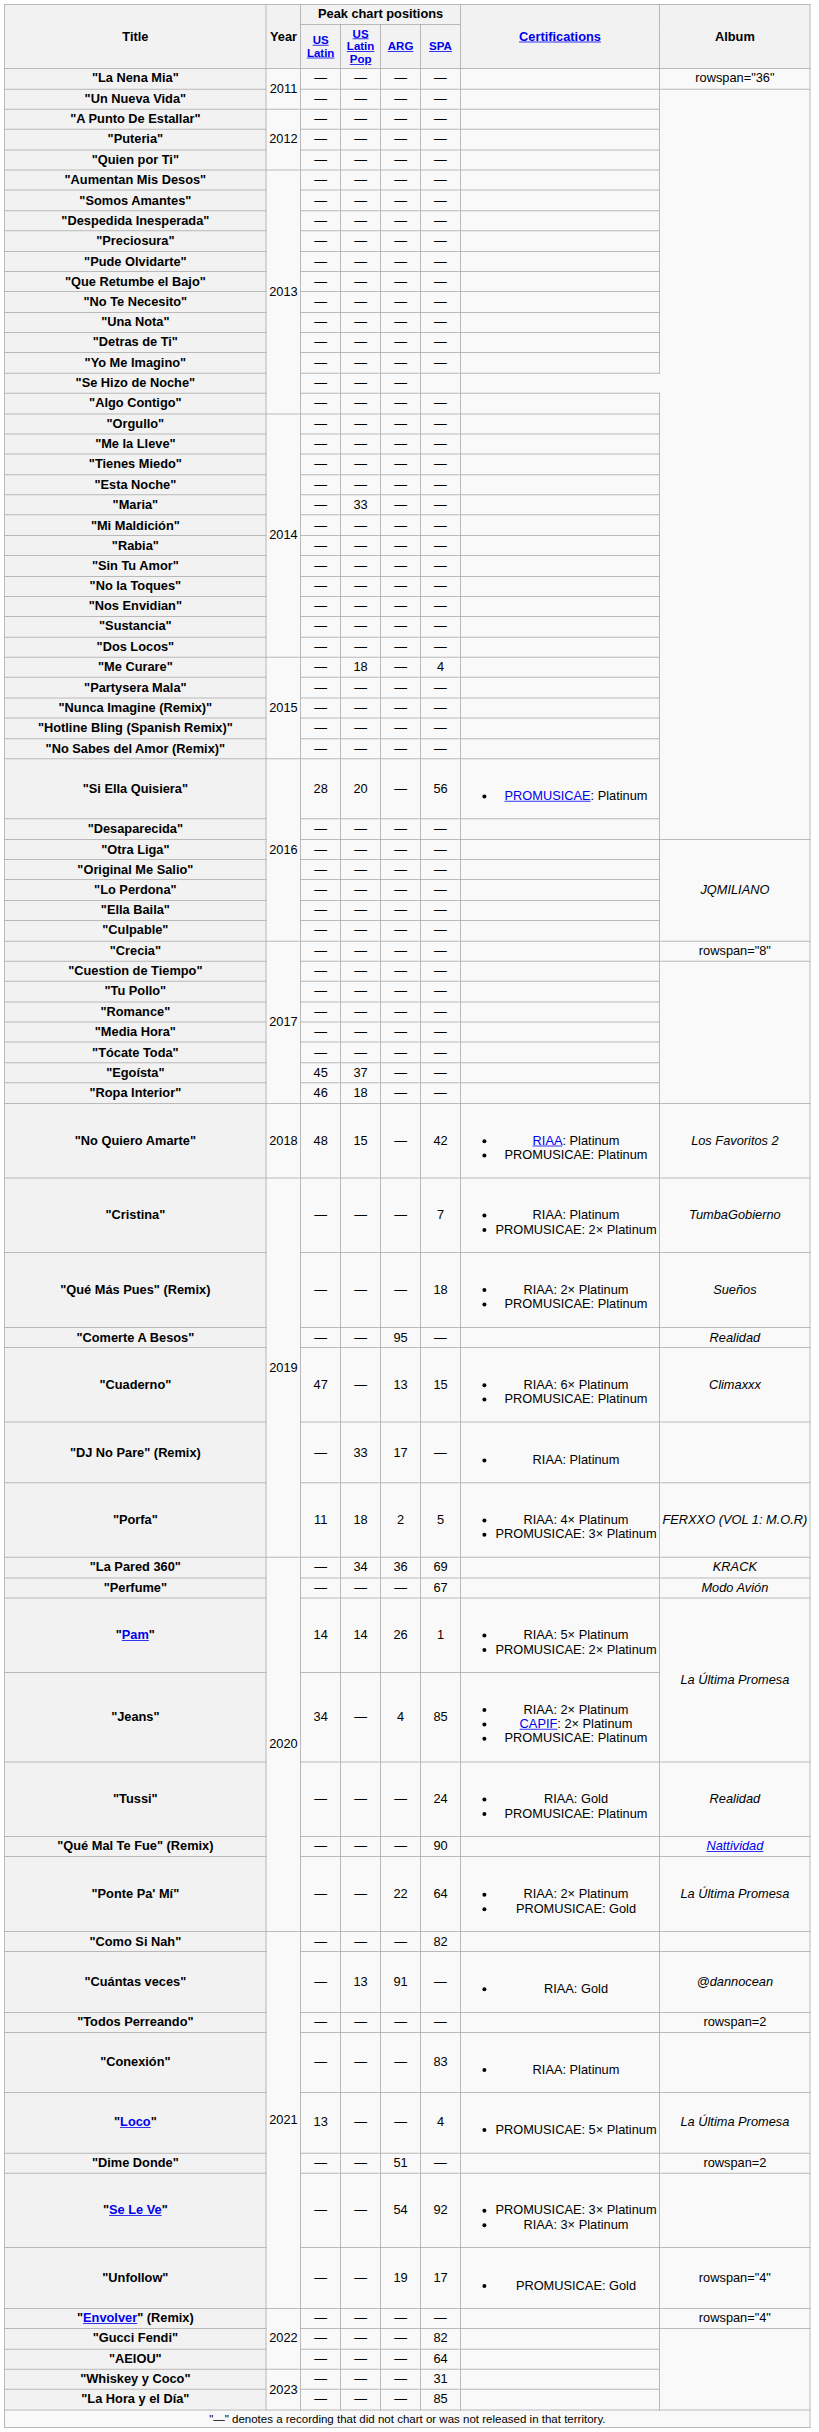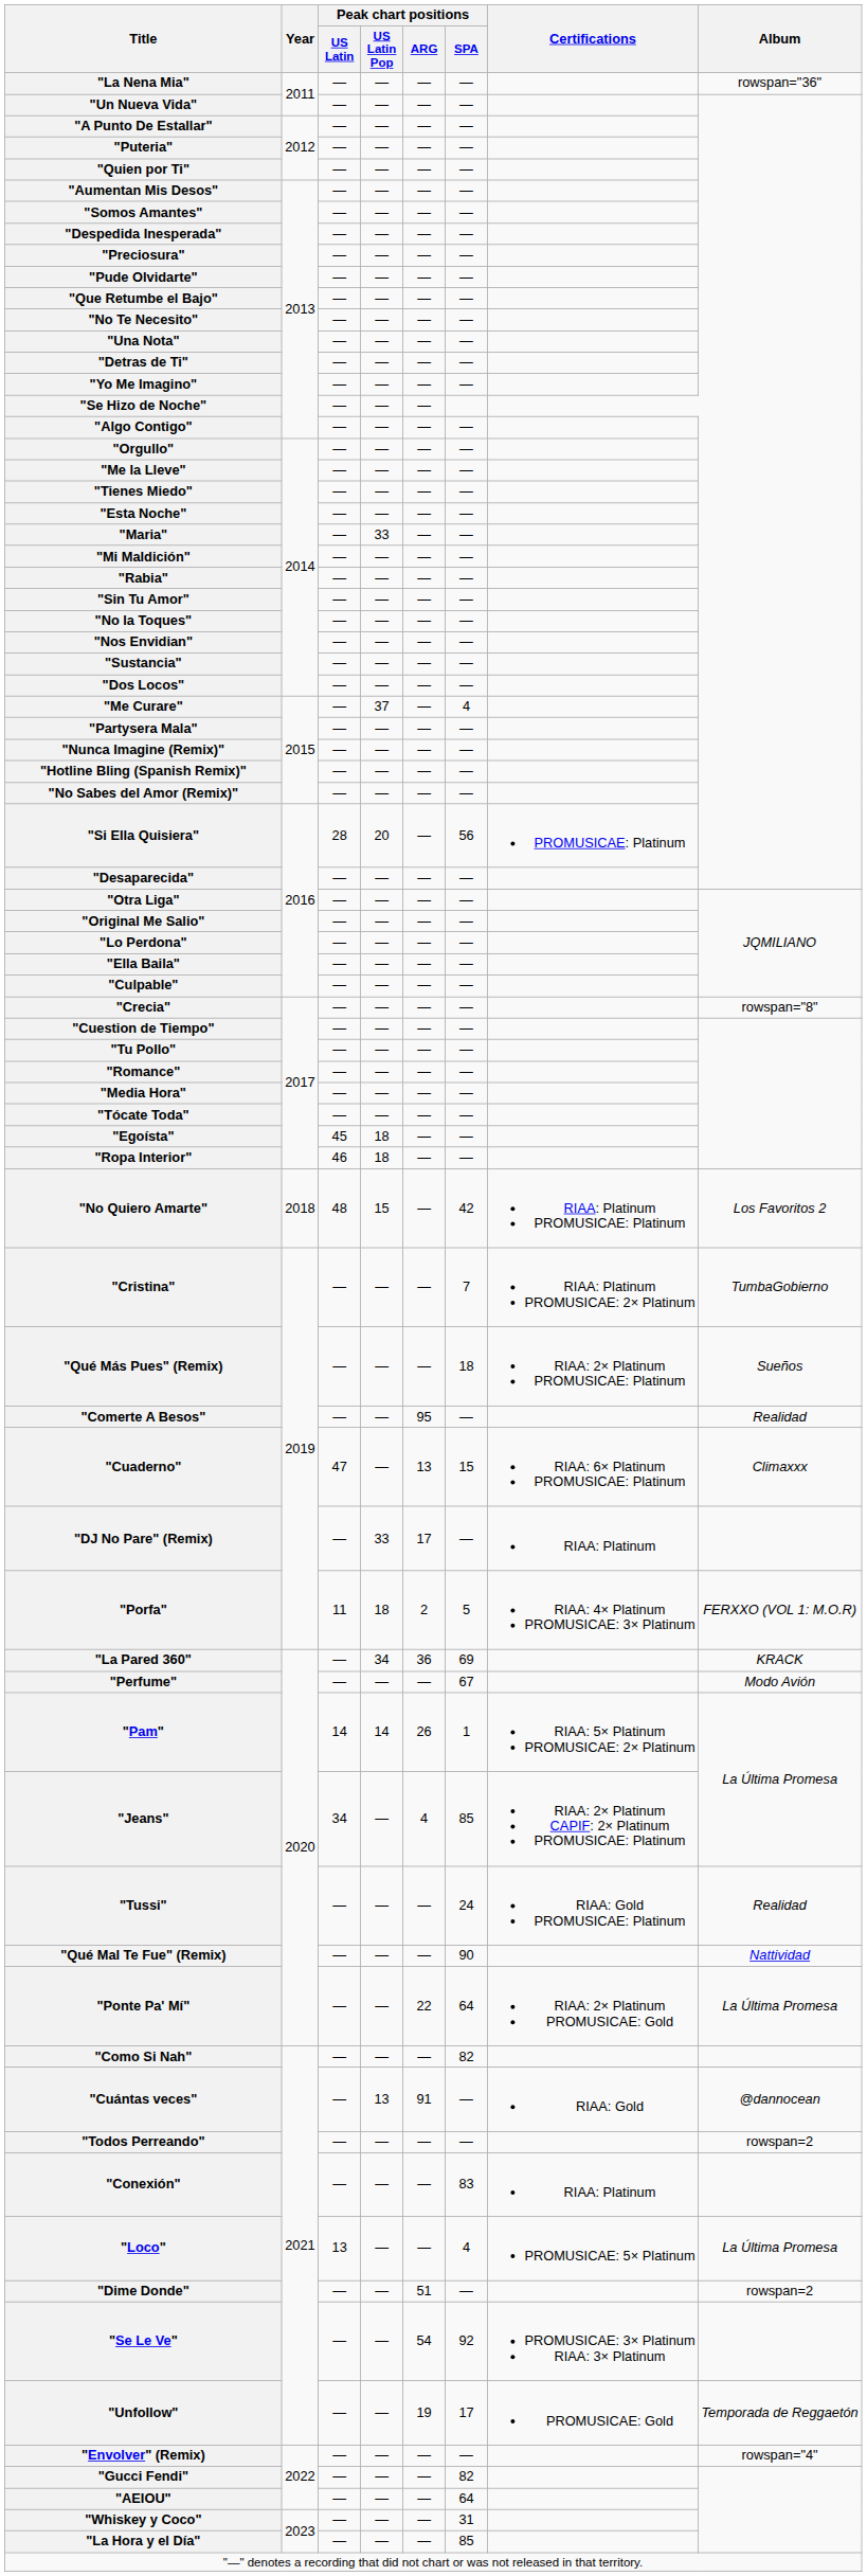 <table class="wikitable plainrowheaders" style="text-align:center;">
 <tr>
 <th scope="col" rowspan="2" style="width:20em;">Title</th>
 <th scope="col" rowspan="2">Year</th>
 <th scope="col" colspan="4">Peak chart positions</th>
 <th scope="col" rowspan="2"><a href='#'>Certifications</a></th>
 <th scope="col" rowspan="2">Album</th>
 </tr>
 <tr>
 <th scope="col" style="width:3em;font-size:90%;"><a href='#'>US<br>Latin</a><br></th>
 <th scope="col" style="width:3em;font-size:90%;"><a href='#'>US<br>Latin<br>Pop</a><br></th>
 <th scope="col" style="width:3em;font-size:90%;"><a href='#'>ARG</a><br></th>
 <th scope="col" style="width:3em;font-size:90%;"><a href='#'>SPA</a><br></th>
 </tr>
 <tr>
 <th scope="row">"La Nena Mia"</th>
 <td rowspan="2">2011</td>
 <td>—</td>
 <td>—</td>
 <td>—</td>
 <td>—</td>
 <td></td>
 <td>rowspan="36" </td>
 </tr>
 <tr>
 <th scope="row">"Un Nueva Vida"</th>
 <td>—</td>
 <td>—</td>
 <td>—</td>
 <td>—</td>
 <td></td>
 </tr>
 <tr>
 <th scope="row">"A Punto De Estallar"<br></th>
 <td rowspan="3">2012</td>
 <td>—</td>
 <td>—</td>
 <td>—</td>
 <td>—</td>
 <td></td>
 </tr>
 <tr>
 <th scope="row">"Puteria"</th>
 <td>—</td>
 <td>—</td>
 <td>—</td>
 <td>—</td>
 <td></td>
 </tr>
 <tr>
 <th scope="row">"Quien por Ti"</th>
 <td>—</td>
 <td>—</td>
 <td>—</td>
 <td>—</td>
 <td></td>
 </tr>
 <tr>
 <th scope="row">"Aumentan Mis Desos"</th>
 <td rowspan="12">2013</td>
 <td>—</td>
 <td>—</td>
 <td>—</td>
 <td>—</td>
 <td></td>
 </tr>
 <tr>
 <th scope="row">"Somos Amantes"</th>
 <td>—</td>
 <td>—</td>
 <td>—</td>
 <td>—</td>
 <td></td>
 </tr>
 <tr>
 <th scope="row">"Despedida Inesperada"</th>
 <td>—</td>
 <td>—</td>
 <td>—</td>
 <td>—</td>
 <td></td>
 </tr>
 <tr>
 <th scope="row">"Preciosura"</th>
 <td>—</td>
 <td>—</td>
 <td>—</td>
 <td>—</td>
 <td></td>
 </tr>
 <tr>
 <th scope="row">"Pude Olvidarte"</th>
 <td>—</td>
 <td>—</td>
 <td>—</td>
 <td>—</td>
 <td></td>
 </tr>
 <tr>
 <th scope="row">"Que Retumbe el Bajo"</th>
 <td>—</td>
 <td>—</td>
 <td>—</td>
 <td>—</td>
 <td></td>
 </tr>
 <tr>
 <th scope="row">"No Te Necesito"</th>
 <td>—</td>
 <td>—</td>
 <td>—</td>
 <td>—</td>
 <td></td>
 </tr>
 <tr>
 <th scope="row">"Una Nota"</th>
 <td>—</td>
 <td>—</td>
 <td>—</td>
 <td>—</td>
 <td></td>
 </tr>
 <tr>
 <th scope="row">"Detras de Ti"</th>
 <td>—</td>
 <td>—</td>
 <td>—</td>
 <td>—</td>
 <td></td>
 </tr>
 <tr>
 <th scope="row">"Yo Me Imagino"</th>
 <td>—</td>
 <td>—</td>
 <td>—</td>
 <td>—</td>
 <td></td>
 </tr>
 <tr>
 <th scope="row">"Se Hizo de Noche"</th>
 <td>—</td>
 <td>—</td>
 <td>—</td>
 <td></td>
 </tr>
 <tr>
 <th scope="row">"Algo Contigo"</th>
 <td>—</td>
 <td>—</td>
 <td>—</td>
 <td>—</td>
 <td></td>
 </tr>
 <tr>
 <th scope="row">"Orgullo"<br></th>
 <td rowspan="12">2014</td>
 <td>—</td>
 <td>—</td>
 <td>—</td>
 <td>—</td>
 <td></td>
 </tr>
 <tr>
 <th scope="row">"Me la Lleve"</th>
 <td>—</td>
 <td>—</td>
 <td>—</td>
 <td>—</td>
 <td></td>
 </tr>
 <tr>
 <th scope="row">"Tienes Miedo"</th>
 <td>—</td>
 <td>—</td>
 <td>—</td>
 <td>—</td>
 <td></td>
 </tr>
 <tr>
 <th scope="row">"Esta Noche"<br></th>
 <td>—</td>
 <td>—</td>
 <td>—</td>
 <td>—</td>
 <td></td>
 </tr>
 <tr>
 <th scope="row">"Maria"</th>
 <td>—</td>
 <td>33</td>
 <td>—</td>
 <td>—</td>
 <td></td>
 </tr>
 <tr>
 <th scope="row">"Mi Maldición"</th>
 <td>—</td>
 <td>—</td>
 <td>—</td>
 <td>—</td>
 <td></td>
 </tr>
 <tr>
 <th scope="row">"Rabia"</th>
 <td>—</td>
 <td>—</td>
 <td>—</td>
 <td>—</td>
 <td></td>
 </tr>
 <tr>
 <th scope="row">"Sin Tu Amor"</th>
 <td>—</td>
 <td>—</td>
 <td>—</td>
 <td>—</td>
 <td></td>
 </tr>
 <tr>
 <th scope="row">"No la Toques"</th>
 <td>—</td>
 <td>—</td>
 <td>—</td>
 <td>—</td>
 <td></td>
 </tr>
 <tr>
 <th scope="row">"Nos Envidian"</th>
 <td>—</td>
 <td>—</td>
 <td>—</td>
 <td>—</td>
 <td></td>
 </tr>
 <tr>
 <th scope="row">"Sustancia"</th>
 <td>—</td>
 <td>—</td>
 <td>—</td>
 <td>—</td>
 <td></td>
 </tr>
 <tr>
 <th scope="row">"Dos Locos"</th>
 <td>—</td>
 <td>—</td>
 <td>—</td>
 <td>—</td>
 <td></td>
 </tr>
 <tr>
 <th scope="row">"Me Curare"<br></th>
 <td rowspan="5">2015</td>
 <td>—</td>
-<td>18</td>
+<td>37</td>
 <td>—</td>
 <td>4</td>
 <td></td>
 </tr>
 <tr>
 <th scope="row">"Partysera Mala"</th>
 <td>—</td>
 <td>—</td>
 <td>—</td>
 <td>—</td>
 <td></td>
 </tr>
 <tr>
 <th scope="row">"Nunca Imagine (Remix)"<br></th>
 <td>—</td>
 <td>—</td>
 <td>—</td>
 <td>—</td>
 <td></td>
 </tr>
 <tr>
 <th scope="row">"Hotline Bling (Spanish Remix)"</th>
 <td>—</td>
 <td>—</td>
 <td>—</td>
 <td>—</td>
 <td></td>
 </tr>
 <tr>
 <th scope="row">"No Sabes del Amor (Remix)"<br></th>
 <td>—</td>
 <td>—</td>
 <td>—</td>
 <td>—</td>
 <td></td>
 </tr>
 <tr>
 <th scope="row">"Si Ella Quisiera"<br></th>
 <td rowspan="7">2016</td>
 <td>28</td>
 <td>20</td>
 <td>—</td>
 <td>56</td>
 <td><br><ul><li><a href='#'>PROMUSICAE</a>: Platinum</li></ul></td>
 </tr>
 <tr>
 <th scope="row">"Desaparecida"</th>
 <td>—</td>
 <td>—</td>
 <td>—</td>
 <td>—</td>
 <td></td>
 </tr>
 <tr>
 <th scope="row">"Otra Liga"</th>
 <td>—</td>
 <td>—</td>
 <td>—</td>
 <td>—</td>
 <td></td>
 <td rowspan="5"><em>JQMILIANO</em></td>
 </tr>
 <tr>
 <th scope="row">"Original Me Salio"</th>
 <td>—</td>
 <td>—</td>
 <td>—</td>
 <td>—</td>
 <td></td>
 </tr>
 <tr>
 <th scope="row">"Lo Perdona"</th>
 <td>—</td>
 <td>—</td>
 <td>—</td>
 <td>—</td>
 <td></td>
 </tr>
 <tr>
 <th scope="row">"Ella Baila"<br></th>
 <td>—</td>
 <td>—</td>
 <td>—</td>
 <td>—</td>
 <td></td>
 </tr>
 <tr>
 <th scope="row">"Culpable"</th>
 <td>—</td>
 <td>—</td>
 <td>—</td>
 <td>—</td>
 <td></td>
 </tr>
 <tr>
 <th scope="row">"Crecia"<br></th>
 <td rowspan="8">2017</td>
 <td>—</td>
 <td>—</td>
 <td>—</td>
 <td>—</td>
 <td></td>
 <td>rowspan="8" </td>
 </tr>
 <tr>
 <th scope="row">"Cuestion de Tiempo"</th>
 <td>—</td>
 <td>—</td>
 <td>—</td>
 <td>—</td>
 <td></td>
 </tr>
 <tr>
 <th scope="row">"Tu Pollo"<br></th>
 <td>—</td>
 <td>—</td>
 <td>—</td>
 <td>—</td>
 <td></td>
 </tr>
 <tr>
 <th scope="row">"Romance"<br></th>
 <td>—</td>
 <td>—</td>
 <td>—</td>
 <td>—</td>
 <td></td>
 </tr>
 <tr>
 <th scope="row">"Media Hora"<br></th>
 <td>—</td>
 <td>—</td>
 <td>—</td>
 <td>—</td>
 <td></td>
 </tr>
 <tr>
 <th scope="row">"Tócate Toda"<br></th>
 <td>—</td>
 <td>—</td>
 <td>—</td>
 <td>—</td>
 <td></td>
 </tr>
 <tr>
 <th scope="row">"Egoísta"</th>
 <td>45</td>
-<td>37</td>
+<td>18</td>
 <td>—</td>
 <td>—</td>
 <td></td>
 </tr>
 <tr>
 <th scope="row">"Ropa Interior"</th>
 <td>46</td>
 <td>18</td>
 <td>—</td>
 <td>—</td>
 <td></td>
 </tr>
 <tr>
 <th scope="row">"No Quiero Amarte"<br></th>
 <td>2018</td>
 <td>48</td>
 <td>15</td>
 <td>—</td>
 <td>42</td>
 <td><br><ul><li><a href='#'>RIAA</a>: Platinum </li><li>PROMUSICAE: Platinum</li></ul></td>
 <td><em>Los Favoritos 2 </em></td>
 </tr>
 <tr>
 <th scope="row">"Cristina"<br></th>
 <td rowspan = 6>2019</td>
 <td>—</td>
 <td>—</td>
 <td>—</td>
 <td>7</td>
 <td><br><ul><li>RIAA: Platinum </li><li>PROMUSICAE: 2× Platinum</li></ul></td>
 <td><em>TumbaGobierno</em></td>
 </tr>
 <tr>
 <th scope="row">"Qué Más Pues" (Remix)<br></th>
 <td>—</td>
 <td>—</td>
 <td>—</td>
 <td>18</td>
 <td><br><ul><li>RIAA: 2× Platinum </li><li>PROMUSICAE: Platinum</li></ul></td>
 <td><em>Sueños</em></td>
 </tr>
 <tr>
 <th scope="row">"Comerte A Besos"<br></th>
 <td>—</td>
 <td>—</td>
 <td>95</td>
 <td>—</td>
 <td></td>
 <td><em>Realidad</em></td>
 </tr>
 <tr>
 <th scope="row">"Cuaderno" <br></th>
 <td>47</td>
 <td>—</td>
 <td>13</td>
 <td>15</td>
 <td><br><ul><li>RIAA: 6× Platinum </li><li>PROMUSICAE: Platinum</li></ul></td>
 <td><em>Climaxxx</em></td>
 </tr>
 <tr>
 <th scope="row">"DJ No Pare" (Remix) <br></th>
 <td>—</td>
 <td>33</td>
 <td>17</td>
 <td>—</td>
 <td><br><ul><li>RIAA: Platinum </li></ul></td>
 <td></td>
 </tr>
 <tr>
 <th scope="row">"Porfa"<br></th>
 <td>11</td>
 <td>18</td>
 <td>2</td>
 <td>5</td>
 <td><br><ul><li>RIAA: 4× Platinum </li><li>PROMUSICAE: 3× Platinum</li></ul></td>
 <td><em>FERXXO (VOL 1: M.O.R)</em></td>
 </tr>
 <tr>
 <th scope="row">"La Pared 360"<br></th>
 <td rowspan="7">2020</td>
 <td>—</td>
 <td>34</td>
 <td>36</td>
 <td>69</td>
 <td></td>
 <td><em>KRACK</em></td>
 </tr>
 <tr>
 <th scope="row">"Perfume"<br></th>
 <td>—</td>
 <td>—</td>
 <td>—</td>
 <td>67</td>
 <td></td>
 <td><em>Modo Avión</em></td>
 </tr>
 <tr>
 <th scope="row">"<a href='#'>Pam</a>"<br></th>
 <td>14</td>
 <td>14</td>
 <td>26</td>
 <td>1</td>
 <td><br><ul><li>RIAA: 5× Platinum </li><li>PROMUSICAE: 2× Platinum</li></ul></td>
 <td rowspan="2"><em>La Última Promesa</em></td>
 </tr>
 <tr>
 <th scope="row">"Jeans"</th>
 <td>34</td>
 <td>—</td>
 <td>4</td>
 <td>85</td>
 <td><br><ul><li>RIAA: 2× Platinum </li><li><a href='#'>CAPIF</a>: 2× Platinum</li><li>PROMUSICAE: Platinum</li></ul></td>
 </tr>
 <tr>
 <th scope="row">"Tussi"<br></th>
 <td>—</td>
 <td>—</td>
 <td>—</td>
 <td>24</td>
 <td><br><ul><li>RIAA: Gold </li><li>PROMUSICAE: Platinum</li></ul></td>
 <td><em>Realidad</em></td>
 </tr>
 <tr>
 <th scope="row">"Qué Mal Te Fue" (Remix)<br></th>
 <td>—</td>
 <td>—</td>
 <td>—</td>
 <td>90</td>
 <td></td>
 <td><em><a href='#'>Nattividad</a></em></td>
 </tr>
 <tr>
 <th scope="row">"Ponte Pa' Mí"</th>
 <td>—</td>
 <td>—</td>
 <td>22</td>
 <td>64</td>
 <td><br><ul><li>RIAA: 2× Platinum </li><li>PROMUSICAE: Gold</li></ul></td>
 <td><em>La Última Promesa</em></td>
 </tr>
 <tr>
 <th scope="row">"Como Si Nah"<br></th>
 <td rowspan="8">2021</td>
 <td>—</td>
 <td>—</td>
 <td>—</td>
 <td>82</td>
 <td></td>
 <td></td>
 </tr>
 <tr>
 <th scope="row">"Cuántas veces"<br></th>
 <td>—</td>
 <td>13</td>
 <td>91</td>
 <td>—</td>
 <td><br><ul><li>RIAA: Gold </li></ul></td>
 <td><em>@dannocean</em></td>
 </tr>
 <tr>
 <th scope="row">"Todos Perreando"<br></th>
 <td>—</td>
 <td>—</td>
 <td>—</td>
 <td>—</td>
 <td></td>
 <td>rowspan=2 </td>
 </tr>
 <tr>
 <th scope="row">"Conexión"<br></th>
 <td>—</td>
 <td>—</td>
 <td>—</td>
 <td>83</td>
 <td><br><ul><li>RIAA: Platinum </li></ul></td>
 </tr>
 <tr>
 <th scope="row">"<a href='#'>Loco</a>"<br></th>
 <td>13</td>
 <td>—</td>
 <td>—</td>
 <td>4</td>
 <td><br><ul><li>PROMUSICAE: 5× Platinum</li></ul></td>
 <td><em>La Última Promesa</em></td>
 </tr>
 <tr>
 <th scope="row">"Dime Donde"<br></th>
 <td>—</td>
 <td>—</td>
 <td>51</td>
 <td>—</td>
 <td></td>
 <td>rowspan=2 </td>
 </tr>
 <tr>
 <th scope="row">"<a href='#'>Se Le Ve</a>"<br></th>
 <td>—</td>
 <td>—</td>
 <td>54</td>
 <td>92</td>
 <td><br><ul><li>PROMUSICAE: 3× Platinum</li><li>RIAA: 3× Platinum </li></ul></td>
 </tr>
 <tr>
 <th scope="row">"Unfollow"<br></th>
 <td>—</td>
 <td>—</td>
 <td>19</td>
 <td>17</td>
 <td><br><ul><li>PROMUSICAE: Gold</li></ul></td>
-<td>rowspan="4" </td>
+<td><em>Temporada de Reggaetón</em></td>
 </tr>
 <tr>
 <th scope="row">"<a href='#'>Envolver</a>" (Remix)<br></th>
 <td rowspan=3>2022</td>
 <td>—</td>
 <td>—</td>
 <td>—</td>
 <td>—</td>
 <td></td>
 <td>rowspan="4" </td>
 </tr>
 <tr>
 <th scope="row">"Gucci Fendi"<br></th>
 <td>—</td>
 <td>—</td>
 <td>—</td>
 <td>82</td>
 <td></td>
 </tr>
 <tr>
 <th scope="row">"AEIOU"<br></th>
 <td>—</td>
 <td>—</td>
 <td>—</td>
 <td>64</td>
 <td></td>
 </tr>
 <tr>
 <th scope="row">"Whiskey y Coco"  <br></th>
 <td rowspan=2>2023</td>
 <td>—</td>
 <td>—</td>
 <td>—</td>
 <td>31</td>
 <td></td>
 </tr>
 <tr>
 <th scope="row">"La Hora y el Día"<br></th>
 <td>—</td>
 <td>—</td>
 <td>—</td>
 <td>85</td>
 <td></td>
 </tr>
 <tr>
 <td colspan="15" style="font-size:90%">"—" denotes a recording that did not chart or was not released in that territory.</td>
 </tr>
 </table>
